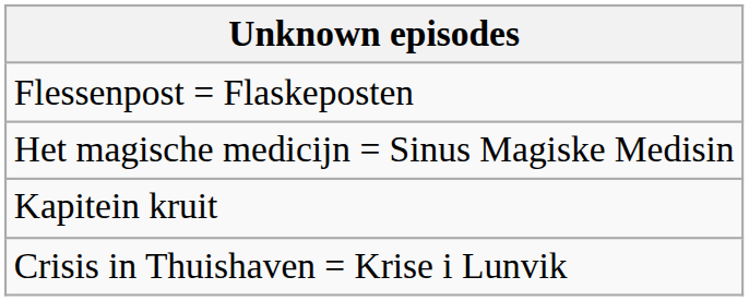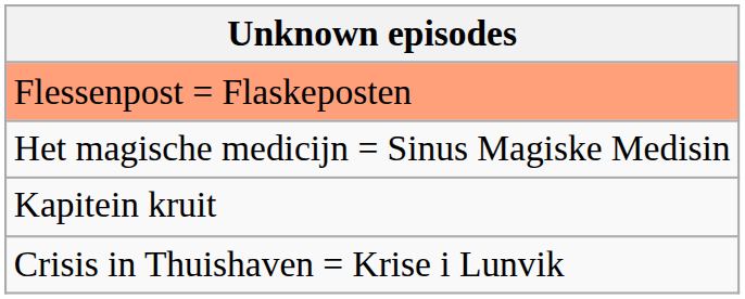 <table class="wikitable">
 <tr>
 <th>Unknown episodes</th>
 </tr>
 <tr>
-<td>Flessenpost = Flaskeposten</td>
+<td style="background: lightsalmon;">Flessenpost = Flaskeposten</td>
 </tr>
 <tr>
 <td>Het magische medicijn = Sinus Magiske Medisin</td>
 </tr>
 <tr>
 <td>Kapitein kruit</td>
 </tr>
 <tr>
 <td>Crisis in Thuishaven = Krise i Lunvik</td>
 </tr>
 </table>
